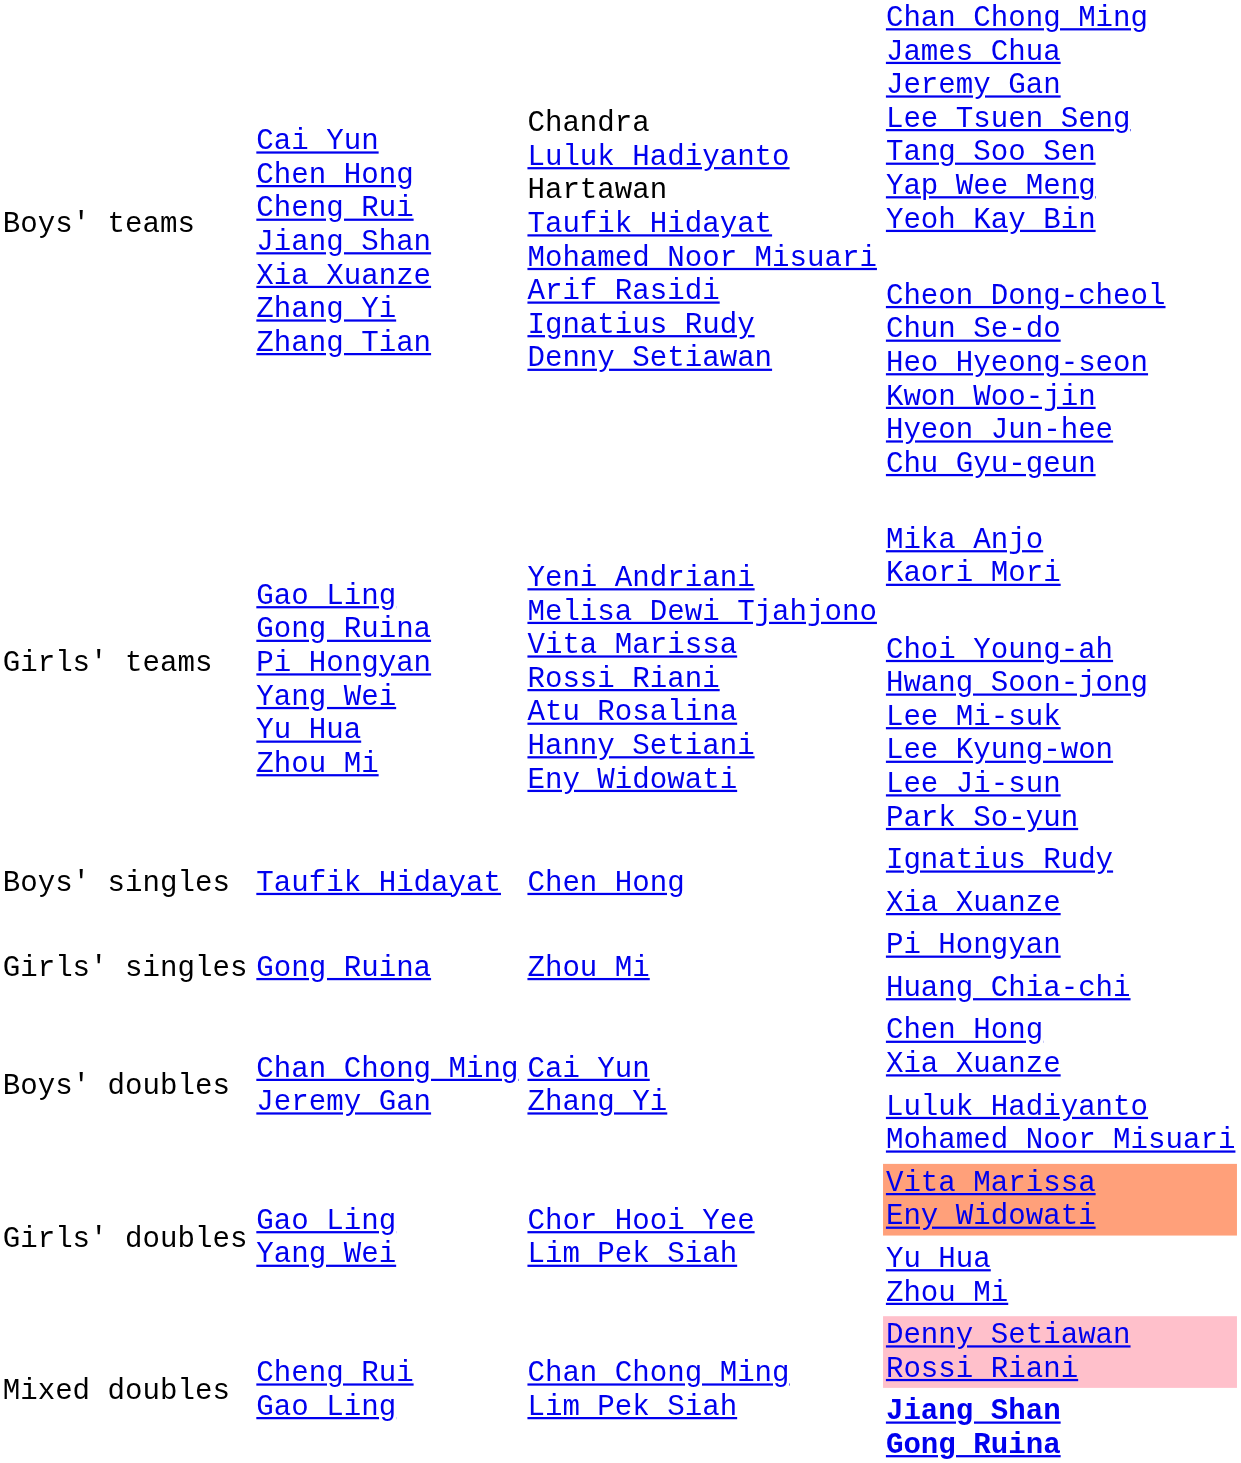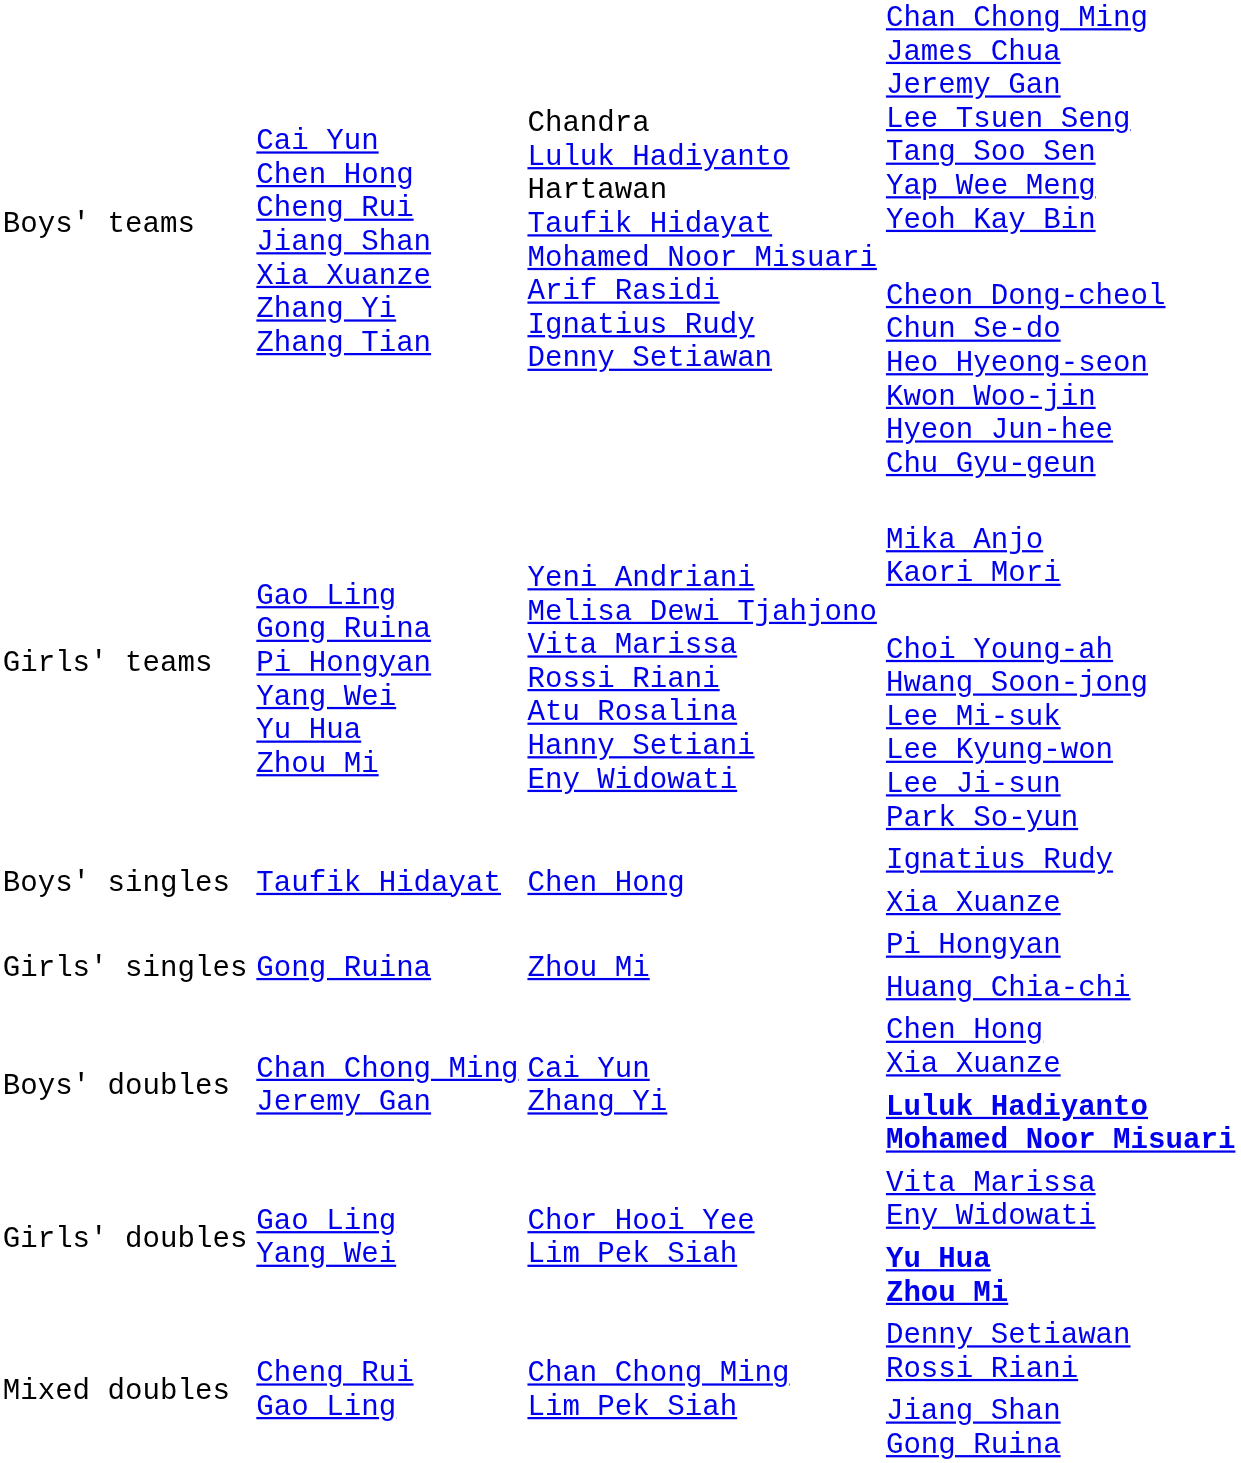 <table>
 <tr>
 <td rowspan=2>Boys' teams<br></td>
 <td rowspan=2><br><a href='#'>Cai Yun</a><br><a href='#'>Chen Hong</a><br><a href='#'>Cheng Rui</a><br><a href='#'>Jiang Shan</a><br><a href='#'>Xia Xuanze</a><br><a href='#'>Zhang Yi</a><br><a href='#'>Zhang Tian</a></td>
 <td rowspan=2><br>Chandra<br><a href='#'>Luluk Hadiyanto</a><br>Hartawan<br><a href='#'>Taufik Hidayat</a><br><a href='#'>Mohamed Noor Misuari</a><br><a href='#'>Arif Rasidi</a><br><a href='#'>Ignatius Rudy</a><br><a href='#'>Denny Setiawan</a></td>
 <td><br><a href='#'>Chan Chong Ming</a><br><a href='#'>James Chua</a><br><a href='#'>Jeremy Gan</a><br><a href='#'>Lee Tsuen Seng</a><br><a href='#'>Tang Soo Sen</a><br><a href='#'>Yap Wee Meng</a><br><a href='#'>Yeoh Kay Bin</a></td>
 </tr>
 <tr>
 <td><br><a href='#'>Cheon Dong-cheol</a><br><a href='#'>Chun Se-do</a><br><a href='#'>Heo Hyeong-seon</a><br><a href='#'>Kwon Woo-jin</a><br><a href='#'>Hyeon Jun-hee</a><br><a href='#'>Chu Gyu-geun </a></td>
 </tr>
 <tr>
 <td rowspan=2>Girls' teams<br></td>
 <td rowspan=2><br><a href='#'>Gao Ling</a><br><a href='#'>Gong Ruina</a><br><a href='#'>Pi Hongyan</a><br><a href='#'>Yang Wei</a><br><a href='#'>Yu Hua</a><br><a href='#'>Zhou Mi</a></td>
 <td rowspan=2><br><a href='#'>Yeni Andriani</a><br><a href='#'>Melisa Dewi Tjahjono</a><br><a href='#'>Vita Marissa</a><br><a href='#'>Rossi Riani</a><br><a href='#'>Atu Rosalina</a><br><a href='#'>Hanny Setiani</a><br><a href='#'>Eny Widowati</a></td>
 <td><br><a href='#'>Mika Anjo</a><br><a href='#'>Kaori Mori</a></td>
 </tr>
 <tr>
 <td><br><a href='#'>Choi Young-ah</a><br><a href='#'>Hwang Soon-jong</a><br><a href='#'>Lee Mi-suk</a><br><a href='#'>Lee Kyung-won</a><br><a href='#'>Lee Ji-sun</a><br><a href='#'>Park So-yun</a></td>
 </tr>
 <tr>
 <td rowspan=2>Boys' singles</td>
 <td rowspan=2> <a href='#'>Taufik Hidayat</a></td>
 <td rowspan=2> <a href='#'>Chen Hong</a></td>
 <td> <a href='#'>Ignatius Rudy</a></td>
 </tr>
 <tr>
 <td> <a href='#'>Xia Xuanze</a></td>
 </tr>
 <tr>
 <td rowspan=2>Girls' singles</td>
 <td rowspan=2> <a href='#'>Gong Ruina</a></td>
 <td rowspan=2> <a href='#'>Zhou Mi</a></td>
 <td> <a href='#'>Pi Hongyan</a></td>
 </tr>
 <tr>
 <td> <a href='#'>Huang Chia-chi</a></td>
 </tr>
 <tr>
 <td rowspan=2>Boys' doubles</td>
 <td rowspan=2> <a href='#'>Chan Chong Ming</a><br> <a href='#'>Jeremy Gan</a></td>
 <td rowspan=2> <a href='#'>Cai Yun</a><br> <a href='#'>Zhang Yi</a></td>
 <td> <a href='#'>Chen Hong</a><br> <a href='#'>Xia Xuanze</a></td>
 </tr>
 <tr>
-<td> <a href='#'>Luluk Hadiyanto</a><br> <a href='#'>Mohamed Noor Misuari</a></td>
+<td><strong> <a href='#'>Luluk Hadiyanto</a><br> <a href='#'>Mohamed Noor Misuari</a></strong></td>
 </tr>
 <tr>
 <td rowspan=2>Girls' doubles</td>
 <td rowspan=2> <a href='#'>Gao Ling</a><br> <a href='#'>Yang Wei</a></td>
 <td rowspan=2> <a href='#'>Chor Hooi Yee</a><br> <a href='#'>Lim Pek Siah</a></td>
-<td style="background: lightsalmon;"> <a href='#'>Vita Marissa</a><br> <a href='#'>Eny Widowati</a></td>
+<td> <a href='#'>Vita Marissa</a><br> <a href='#'>Eny Widowati</a></td>
 </tr>
 <tr>
-<td> <a href='#'>Yu Hua</a><br> <a href='#'>Zhou Mi</a></td>
+<td><strong> <a href='#'>Yu Hua</a><br> <a href='#'>Zhou Mi</a></strong></td>
 </tr>
 <tr>
 <td rowspan=2>Mixed doubles</td>
 <td rowspan=2> <a href='#'>Cheng Rui</a><br> <a href='#'>Gao Ling</a></td>
 <td rowspan=2> <a href='#'>Chan Chong Ming</a><br> <a href='#'>Lim Pek Siah</a></td>
-<td style="background: pink;"> <a href='#'>Denny Setiawan</a><br> <a href='#'>Rossi Riani</a></td>
+<td> <a href='#'>Denny Setiawan</a><br> <a href='#'>Rossi Riani</a></td>
 </tr>
 <tr>
-<td><strong> <a href='#'>Jiang Shan</a><br> <a href='#'>Gong Ruina</a></strong></td>
+<td> <a href='#'>Jiang Shan</a><br> <a href='#'>Gong Ruina</a></td>
 </tr>
 </table>
